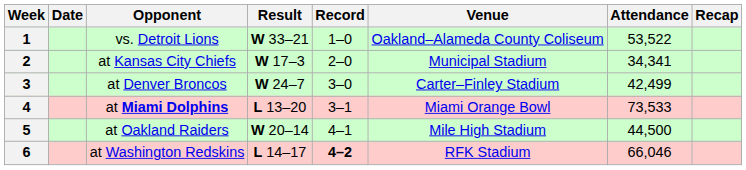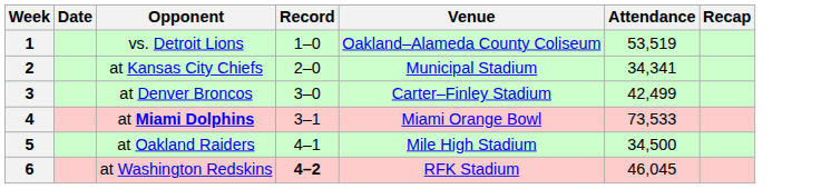 <table class="wikitable" style="text-align:center">
 <tr>
 <th>Week</th>
 <th>Date</th>
 <th>Opponent</th>
-<th>Result</th>
 <th>Record</th>
 <th>Venue</th>
 <th>Attendance</th>
 <th>Recap</th>
 </tr>
 <tr style="background:#cfc">
 <th>1</th>
 <td></td>
 <td>vs. <a href='#'>Detroit Lions</a></td>
-<td><strong>W</strong> 33–21</td>
 <td>1–0</td>
 <td><a href='#'>Oakland–Alameda County Coliseum</a></td>
-<td>53,522</td>
+<td>53,519</td>
 <td></td>
 </tr>
 <tr style="background:#cfc">
 <th>2</th>
 <td></td>
 <td>at <a href='#'>Kansas City Chiefs</a></td>
-<td><strong>W</strong> 17–3</td>
 <td>2–0</td>
 <td><a href='#'>Municipal Stadium</a></td>
 <td>34,341</td>
 <td></td>
 </tr>
 <tr style="background:#cfc">
 <th>3</th>
 <td></td>
 <td>at <a href='#'>Denver Broncos</a></td>
-<td><strong>W</strong> 24–7</td>
 <td>3–0</td>
 <td><a href='#'>Carter–Finley Stadium</a> </td>
 <td>42,499</td>
 <td></td>
 </tr>
 <tr style="background:#fcc">
 <th>4</th>
 <td></td>
 <td>at <strong><a href='#'>Miami Dolphins</a></strong></td>
-<td><strong>L</strong> 13–20</td>
 <td>3–1</td>
 <td><a href='#'>Miami Orange Bowl</a></td>
 <td>73,533</td>
 <td></td>
 </tr>
 <tr style="background:#cfc">
 <th>5</th>
 <td></td>
 <td>at <a href='#'>Oakland Raiders</a></td>
-<td><strong>W</strong> 20–14</td>
 <td>4–1</td>
 <td><a href='#'>Mile High Stadium</a></td>
-<td>44,500</td>
+<td>34,500</td>
 <td></td>
 </tr>
 <tr style="background:#fcc">
 <th>6</th>
 <td></td>
 <td>at <a href='#'>Washington Redskins</a></td>
-<td><strong>L</strong> 14–17</td>
 <td><strong>4–2</strong></td>
 <td><a href='#'>RFK Stadium</a></td>
-<td>66,046</td>
+<td>46,045</td>
 <td></td>
 </tr>
 </table>
